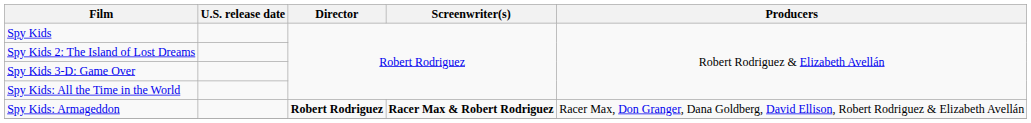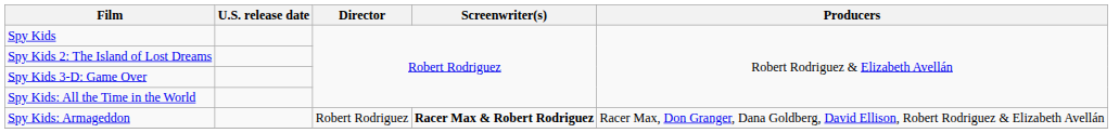 <table class="wikitable plainrowheaders" style="text-align:center;">
 <tr>
 <th scope="col">Film</th>
 <th scope="col">U.S. release date</th>
 <th scope="col">Director</th>
 <th scope="col">Screenwriter(s)</th>
 <th scope="col">Producers</th>
 </tr>
 <tr>
 <td style="text-align:left"><a href='#'>Spy Kids</a></td>
 <td style="text-align:left"></td>
 <td colspan="2" rowspan="4"><a href='#'>Robert Rodriguez</a></td>
 <td rowspan="4">Robert Rodriguez & <a href='#'>Elizabeth Avellán</a></td>
 </tr>
 <tr>
 <td style="text-align:left"><a href='#'>Spy Kids 2: The Island of Lost Dreams</a></td>
 <td style="text-align:left"></td>
 </tr>
 <tr>
 <td style="text-align:left"><a href='#'>Spy Kids 3-D: Game Over</a></td>
 <td style="text-align:left"></td>
 </tr>
 <tr>
 <td style="text-align:left"><a href='#'>Spy Kids: All the Time in the World</a></td>
 <td style="text-align:left"></td>
 </tr>
 <tr>
 <td style="text-align:left"><a href='#'>Spy Kids: Armageddon</a></td>
 <td style="text-align:left"></td>
-<td><strong>Robert Rodriguez</strong></td>
+<td>Robert Rodriguez</td>
 <td><strong>Racer Max & Robert Rodriguez</strong></td>
 <td>Racer Max, <a href='#'>Don Granger</a>, Dana Goldberg, <a href='#'>David Ellison</a>, Robert Rodriguez & Elizabeth Avellán</td>
 </tr>
 <tr>
 </tr>
 </table>
